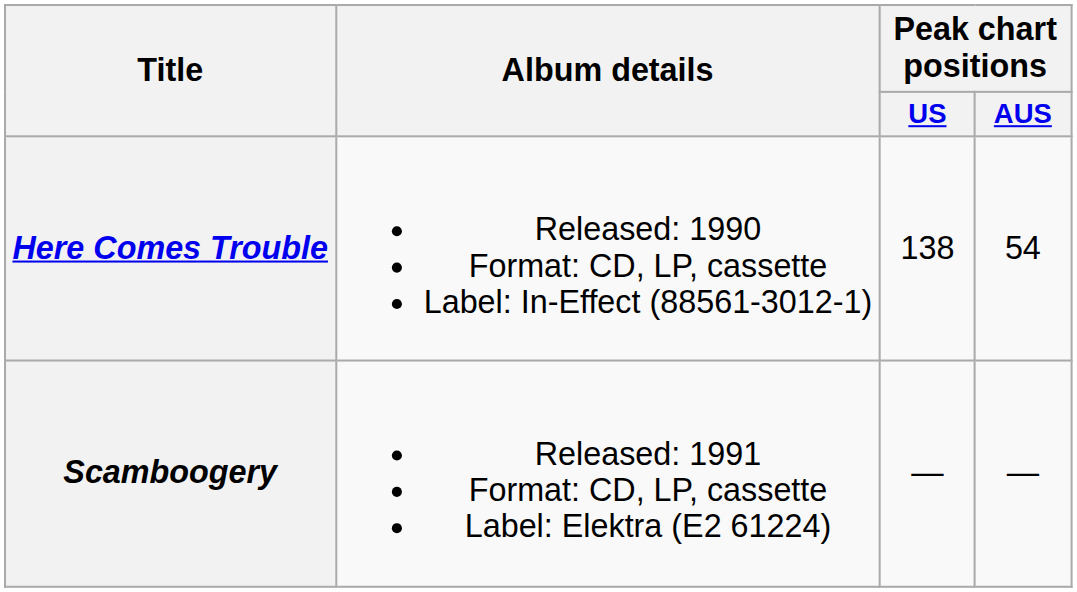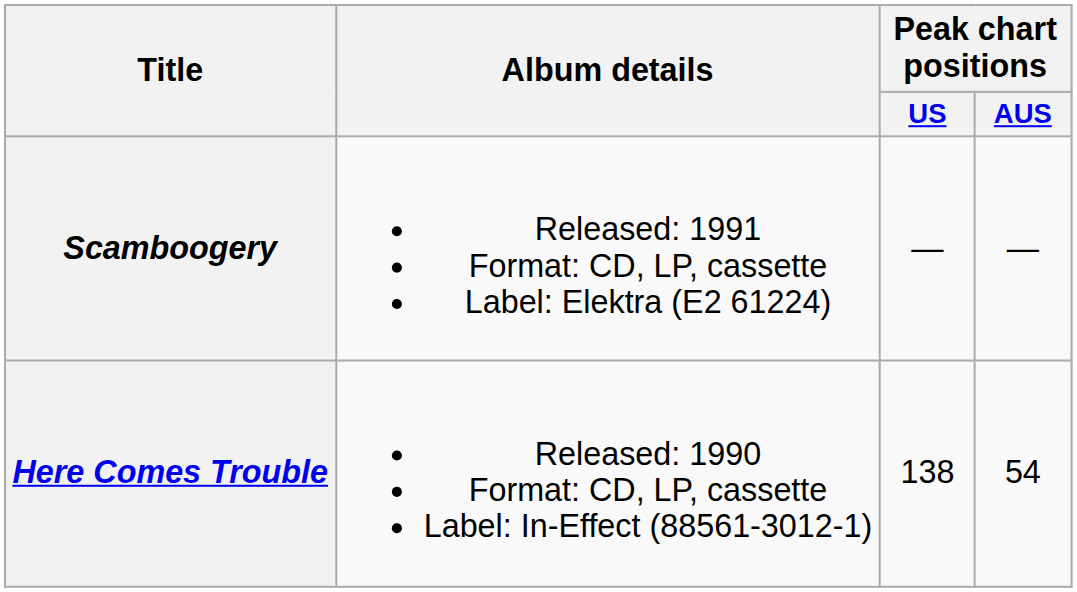 <table class="wikitable plainrowheaders" style="text-align:center;" border="1">
 <tr>
 <th scope="col" rowspan="2">Title</th>
 <th scope="col" rowspan="2">Album details</th>
 <th scope="col" colspan="2">Peak chart positions</th>
 </tr>
 <tr>
 <th scope="col" style="width:3em; font-size:85%"><a href='#'>US</a><br></th>
 <th scope="col" style="width:3em; font-size:85%"><a href='#'>AUS</a><br></th>
 </tr>
 <tr>
+<th scope="row"><em>Scamboogery</em></th>
+<td><br><ul><li>Released: 1991</li><li>Format: CD, LP, cassette</li><li>Label: Elektra (E2 61224)</li></ul></td>
+<td>—</td>
+<td>—</td>
+</tr>
+<tr>
 <th scope="row"><em><a href='#'>Here Comes Trouble</a></em></th>
 <td><br><ul><li>Released: 1990</li><li>Format: CD, LP, cassette</li><li>Label: In-Effect (88561-3012-1)</li></ul></td>
 <td>138</td>
 <td>54</td>
 </tr>
-<tr>
-<th scope="row"><em>Scamboogery</em></th>
-<td><br><ul><li>Released: 1991</li><li>Format: CD, LP, cassette</li><li>Label: Elektra (E2 61224)</li></ul></td>
-<td>—</td>
-<td>—</td>
-</tr>
 </table>
